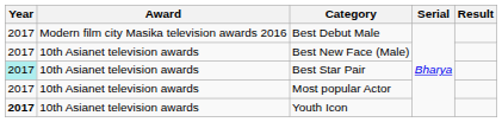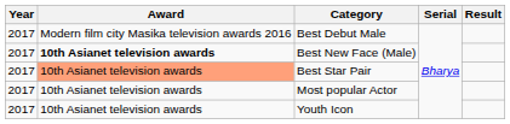 <table class="wikitable">
 <tr>
 <th>Year</th>
 <th>Award</th>
 <th>Category</th>
 <th>Serial</th>
 <th>Result</th>
 </tr>
 <tr>
 <td>2017</td>
 <td>Modern film city Masika television awards 2016</td>
 <td>Best Debut Male</td>
 <td rowspan=6><em><a href='#'>Bharya</a></em></td>
 <td></td>
 </tr>
 <tr>
 <td>2017</td>
-<td>10th Asianet television awards</td>
+<td><strong>10th Asianet television awards</strong></td>
 <td>Best  New Face (Male)</td>
 <td></td>
 </tr>
 <tr>
-<td style="background: paleturquoise;">2017</td>
-<td>10th Asianet television awards</td>
+<td>2017</td>
+<td style="background: lightsalmon;">10th Asianet television awards</td>
 <td>Best Star Pair</td>
 <td></td>
 </tr>
 <tr>
 <td>2017</td>
 <td>10th Asianet television awards</td>
 <td>Most popular Actor</td>
 <td></td>
 </tr>
 <tr>
-<td><strong>2017</strong></td>
+<td>2017</td>
 <td>10th Asianet television awards</td>
 <td>Youth Icon</td>
 <td></td>
 </tr>
 </table>
